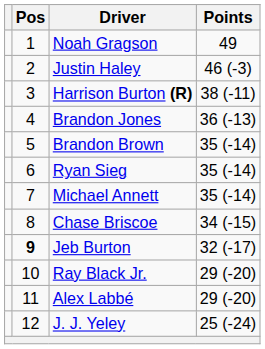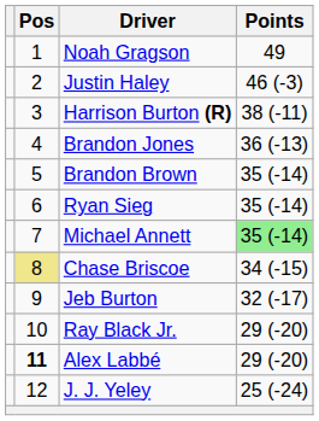 <table class="wikitable" style="font-size: 95%;">
 <tr>
 <th></th>
 <th>Pos</th>
 <th>Driver</th>
 <th>Points</th>
 </tr>
 <tr>
 <td align="left"></td>
 <td style="text-align:center;">1</td>
 <td><a href='#'>Noah Gragson</a></td>
 <td style="text-align:center;">49</td>
 </tr>
 <tr>
 <td align="left"></td>
 <td style="text-align:center;">2</td>
 <td><a href='#'>Justin Haley</a></td>
 <td style="text-align:center;">46 (-3)</td>
 </tr>
 <tr>
 <td align="left"></td>
 <td style="text-align:center;">3</td>
 <td><a href='#'>Harrison Burton</a> <strong>(R)</strong></td>
 <td style="text-align:center;">38 (-11)</td>
 </tr>
 <tr>
 <td align="left"></td>
 <td style="text-align:center;">4</td>
 <td><a href='#'>Brandon Jones</a></td>
 <td style="text-align:center;">36 (-13)</td>
 </tr>
 <tr>
 <td align="left"></td>
 <td style="text-align:center;">5</td>
 <td><a href='#'>Brandon Brown</a></td>
 <td style="text-align:center;">35 (-14)</td>
 </tr>
 <tr>
 <td align="left"></td>
 <td style="text-align:center;">6</td>
 <td><a href='#'>Ryan Sieg</a></td>
 <td style="text-align:center;">35 (-14)</td>
 </tr>
 <tr>
 <td align="left"></td>
 <td style="text-align:center;">7</td>
 <td><a href='#'>Michael Annett</a></td>
-<td style="text-align:center;">35 (-14)</td>
+<td style="background: lightgreen; text-align:center;">35 (-14)</td>
 </tr>
 <tr>
 <td align="left"></td>
-<td style="text-align:center;">8</td>
+<td style="background: khaki; text-align:center;">8</td>
 <td><a href='#'>Chase Briscoe</a></td>
 <td style="text-align:center;">34 (-15)</td>
 </tr>
 <tr>
 <td align="left"></td>
-<td style="text-align:center;"><strong>9</strong></td>
+<td style="text-align:center;">9</td>
 <td><a href='#'>Jeb Burton</a></td>
 <td style="text-align:center;">32 (-17)</td>
 </tr>
 <tr>
 <td align="left"></td>
 <td style="text-align:center;">10</td>
 <td><a href='#'>Ray Black Jr.</a></td>
 <td style="text-align:center;">29 (-20)</td>
 </tr>
 <tr>
 <td align="left"></td>
-<td style="text-align:center;">11</td>
+<td style="text-align:center;"><strong>11</strong></td>
 <td><a href='#'>Alex Labbé</a></td>
 <td style="text-align:center;">29 (-20)</td>
 </tr>
 <tr>
 <td align="left"></td>
 <td style="text-align:center;">12</td>
 <td><a href='#'>J. J. Yeley</a></td>
 <td style="text-align:center;">25 (-24)</td>
 </tr>
 <tr class="sortbottom">
 <th colspan="4"></th>
 </tr>
 </table>
